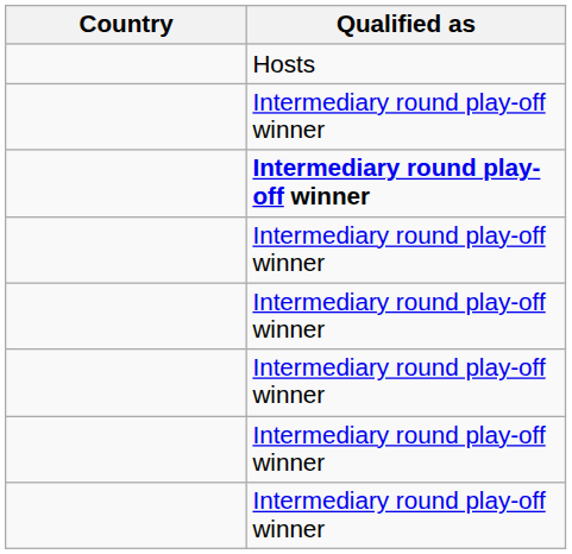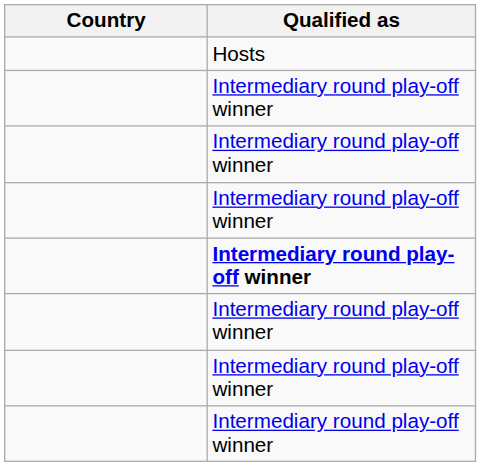 <table class="wikitable sortable">
 <tr>
 <th scope="col" width="150px">Country</th>
 <th scope="col" width="200px">Qualified as</th>
 </tr>
 <tr>
 <td></td>
 <td>Hosts</td>
+</tr>
+<tr>
+<td></td>
+<td><a href='#'>Intermediary round play-off</a> winner</td>
+</tr>
+<tr>
+<td></td>
+<td><a href='#'>Intermediary round play-off</a> winner</td>
 </tr>
 <tr>
 <td></td>
 <td><a href='#'>Intermediary round play-off</a> winner</td>
 </tr>
 <tr>
 <td></td>
 <td><strong><a href='#'>Intermediary round play-off</a> winner</strong></td>
 </tr>
 <tr>
 <td></td>
 <td><a href='#'>Intermediary round play-off</a> winner</td>
 </tr>
 <tr>
 <td></td>
 <td><a href='#'>Intermediary round play-off</a> winner</td>
 </tr>
 <tr>
 <td></td>
 <td><a href='#'>Intermediary round play-off</a> winner</td>
 </tr>
-<tr>
-<td></td>
-<td><a href='#'>Intermediary round play-off</a> winner</td>
-</tr>
-<tr>
-<td></td>
-<td><a href='#'>Intermediary round play-off</a> winner</td>
-</tr>
 </table>
